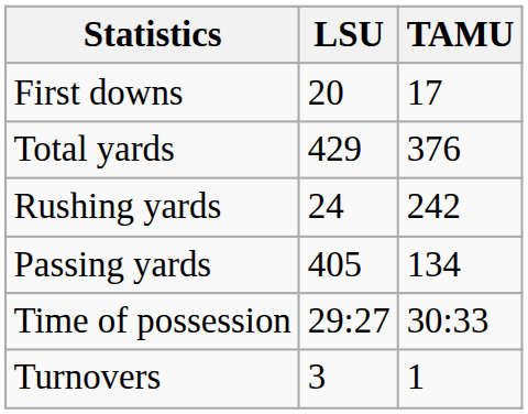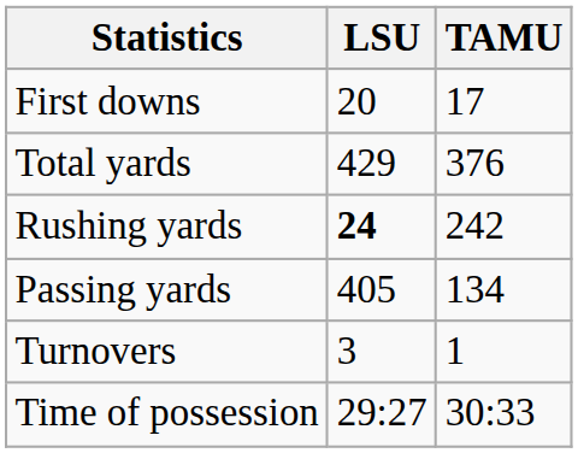 <table class="wikitable" style="float: left;">
 <tr>
 <th>Statistics</th>
 <th>LSU</th>
 <th>TAMU</th>
 </tr>
 <tr>
 <td>First downs</td>
 <td>20</td>
 <td>17</td>
 </tr>
 <tr>
 <td>Total yards</td>
 <td>429</td>
 <td>376</td>
 </tr>
 <tr>
 <td>Rushing yards</td>
-<td>24</td>
+<td><strong>24</strong></td>
 <td>242</td>
 </tr>
 <tr>
 <td>Passing yards</td>
 <td>405</td>
 <td>134</td>
 </tr>
 <tr>
+<td>Turnovers</td>
+<td>3</td>
+<td>1</td>
+</tr>
+<tr>
 <td>Time of possession</td>
 <td>29:27</td>
 <td>30:33</td>
 </tr>
-<tr>
-<td>Turnovers</td>
-<td>3</td>
-<td>1</td>
-</tr>
 </table>
